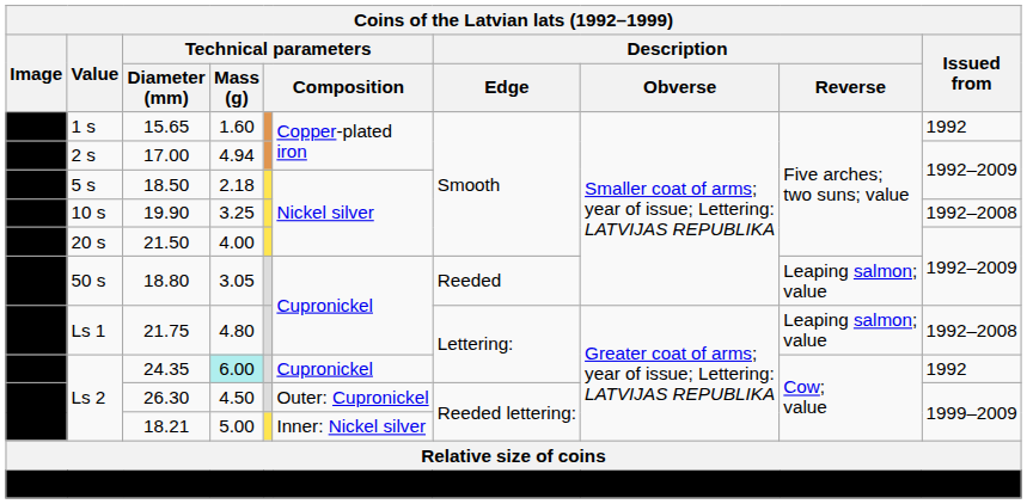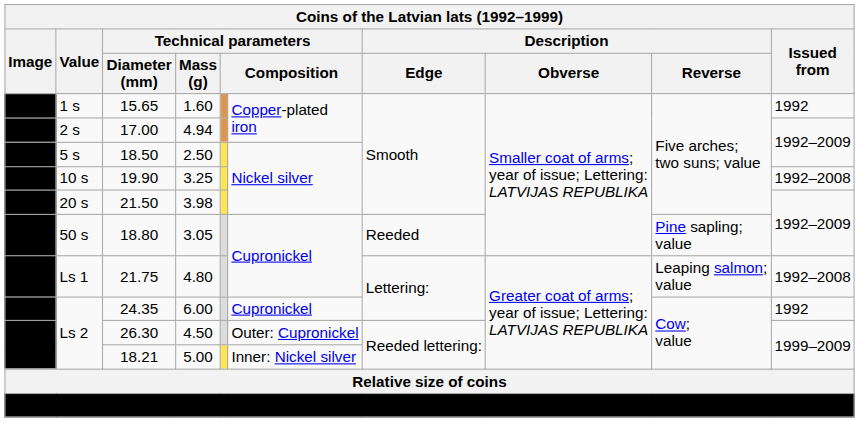 <table class="wikitable" style="margin:auto; font-size:90%; border-width:1px;">
 <tr>
 <th colspan=10>Coins of the Latvian lats (1992–1999)<br></th>
 </tr>
 <tr>
 <th rowspan=2>Image</th>
 <th rowspan=2>Value</th>
 <th colspan=4>Technical parameters</th>
 <th colspan=3>Description</th>
 <th rowspan=2>Issued<br>from</th>
 </tr>
 <tr>
 <th>Diameter<br>(mm)</th>
 <th>Mass<br>(g)</th>
 <th colspan=2>Composition</th>
 <th>Edge</th>
 <th>Obverse</th>
 <th>Reverse</th>
 </tr>
 <tr>
 <td style="background:#000; text-align:center;"></td>
 <td>1 s</td>
 <td align=center>15.65</td>
 <td align=center>1.60</td>
 <td style="background-color:#e0954f;"></td>
 <td rowspan=2><a href='#'>Copper</a>-plated<br><a href='#'>iron</a></td>
 <td rowspan=5>Smooth</td>
 <td rowspan=6><a href='#'>Smaller coat of arms</a>;<br>year of issue; Lettering:<br><em>LATVIJAS REPUBLIKA</em></td>
 <td rowspan=5>Five arches;<br>two suns; value</td>
 <td>1992</td>
 </tr>
 <tr>
 <td style="background:#000; text-align:center;"></td>
 <td>2 s</td>
 <td align=center>17.00</td>
 <td align=center>4.94</td>
 <td style="background-color:#e0954f;"></td>
 <td rowspan=2>1992–2009</td>
 </tr>
 <tr>
 <td style="background:#000; text-align:center;"></td>
 <td>5 s</td>
 <td align=center>18.50</td>
-<td align=center>2.18</td>
+<td align=center>2.50</td>
 <td style="background-color:#ffe550;"></td>
 <td rowspan=3><a href='#'>Nickel silver</a></td>
 </tr>
 <tr>
 <td style="background:#000; text-align:center;"></td>
 <td>10 s</td>
 <td align=center>19.90</td>
 <td align=center>3.25</td>
 <td style="background-color:#ffe550;"></td>
 <td>1992–2008</td>
 </tr>
 <tr>
 <td style="background:#000; text-align:center;"></td>
 <td>20 s</td>
 <td align=center>21.50</td>
-<td align=center>4.00</td>
+<td align=center>3.98</td>
 <td style="background-color:#ffe550;"></td>
 <td rowspan=2>1992–2009</td>
 </tr>
 <tr>
 <td style="background:#000; text-align:center;"></td>
 <td>50 s</td>
 <td align=center>18.80</td>
 <td align=center>3.05</td>
 <td style="background-color:#dcdcdc;"></td>
 <td rowspan=2><a href='#'>Cupronickel</a></td>
 <td>Reeded</td>
-<td>Leaping <a href='#'>salmon</a>;<br>value</td>
+<td><a href='#'>Pine</a> sapling;<br>value</td>
 </tr>
 <tr>
 <td style="background:#000; text-align:center;"></td>
 <td>Ls 1</td>
 <td align=center>21.75</td>
 <td align=center>4.80</td>
 <td style="background-color:#dcdcdc;"></td>
 <td rowspan=2>Lettering:<br></td>
 <td rowspan=4><a href='#'>Greater coat of arms</a>;<br>year of issue; Lettering:<br><em>LATVIJAS REPUBLIKA</em></td>
 <td>Leaping <a href='#'>salmon</a>;<br>value</td>
 <td>1992–2008</td>
 </tr>
 <tr>
 <td style="background:#000; text-align:center;"></td>
 <td rowspan=3>Ls 2</td>
 <td align=center>24.35</td>
-<td align=center style="background: paleturquoise;">6.00</td>
+<td align=center>6.00</td>
 <td style="background-color:#dcdcdc;"></td>
 <td><a href='#'>Cupronickel</a></td>
 <td rowspan=3><a href='#'>Cow</a>;<br>value</td>
 <td>1992</td>
 </tr>
 <tr>
 <td rowspan=2 style="background:#000; text-align:center;"></td>
 <td align=center>26.30</td>
 <td align=center>4.50</td>
 <td style="background-color:#dcdcdc;"></td>
 <td>Outer: <a href='#'>Cupronickel</a></td>
 <td rowspan=2>Reeded lettering:<br></td>
 <td rowspan=2>1999–2009</td>
 </tr>
 <tr>
 <td align=center>18.21</td>
 <td align=center>5.00</td>
 <td style="background-color:#ffe550;"></td>
 <td>Inner: <a href='#'>Nickel silver</a></td>
 </tr>
 <tr>
 <th colspan=10>Relative size of coins</th>
 </tr>
 <tr style="background:#000; text-align:center;">
 <td colspan=10><br>       </td>
 </tr>
 </table>
